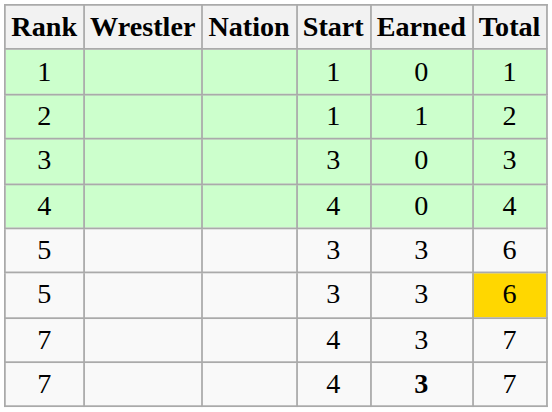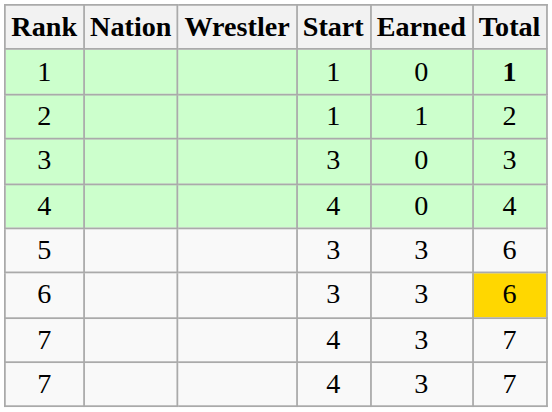 <table class="wikitable sortable" style="text-align:center;">
 <tr>
 <th>Rank</th>
+<th>Nation</th>
 <th>Wrestler</th>
-<th>Nation</th>
 <th>Start</th>
 <th>Earned</th>
 <th>Total</th>
 </tr>
 <tr style="background:#cfc;">
 <td>1</td>
 <td align=left></td>
 <td align=left></td>
 <td>1</td>
 <td>0</td>
-<td>1</td>
+<td><strong>1</strong></td>
 </tr>
 <tr style="background:#cfc;">
 <td>2</td>
 <td align=left></td>
 <td align=left></td>
 <td>1</td>
 <td>1</td>
 <td>2</td>
 </tr>
 <tr style="background:#cfc;">
 <td>3</td>
 <td align=left></td>
 <td align=left></td>
 <td>3</td>
 <td>0</td>
 <td>3</td>
 </tr>
 <tr style="background:#cfc;">
 <td>4</td>
 <td align=left></td>
 <td align=left></td>
 <td>4</td>
 <td>0</td>
 <td>4</td>
 </tr>
 <tr>
 <td>5</td>
 <td align=left></td>
 <td align=left></td>
 <td>3</td>
 <td>3</td>
 <td>6</td>
 </tr>
 <tr>
-<td>5</td>
+<td>6</td>
 <td align=left></td>
 <td align=left></td>
 <td>3</td>
 <td>3</td>
 <td style="background: gold;">6</td>
 </tr>
 <tr>
 <td>7</td>
 <td align=left></td>
 <td align=left></td>
 <td>4</td>
 <td>3</td>
 <td>7</td>
 </tr>
 <tr>
 <td>7</td>
 <td align=left></td>
 <td align=left></td>
 <td>4</td>
-<td><strong>3</strong></td>
+<td>3</td>
 <td>7</td>
 </tr>
 </table>
